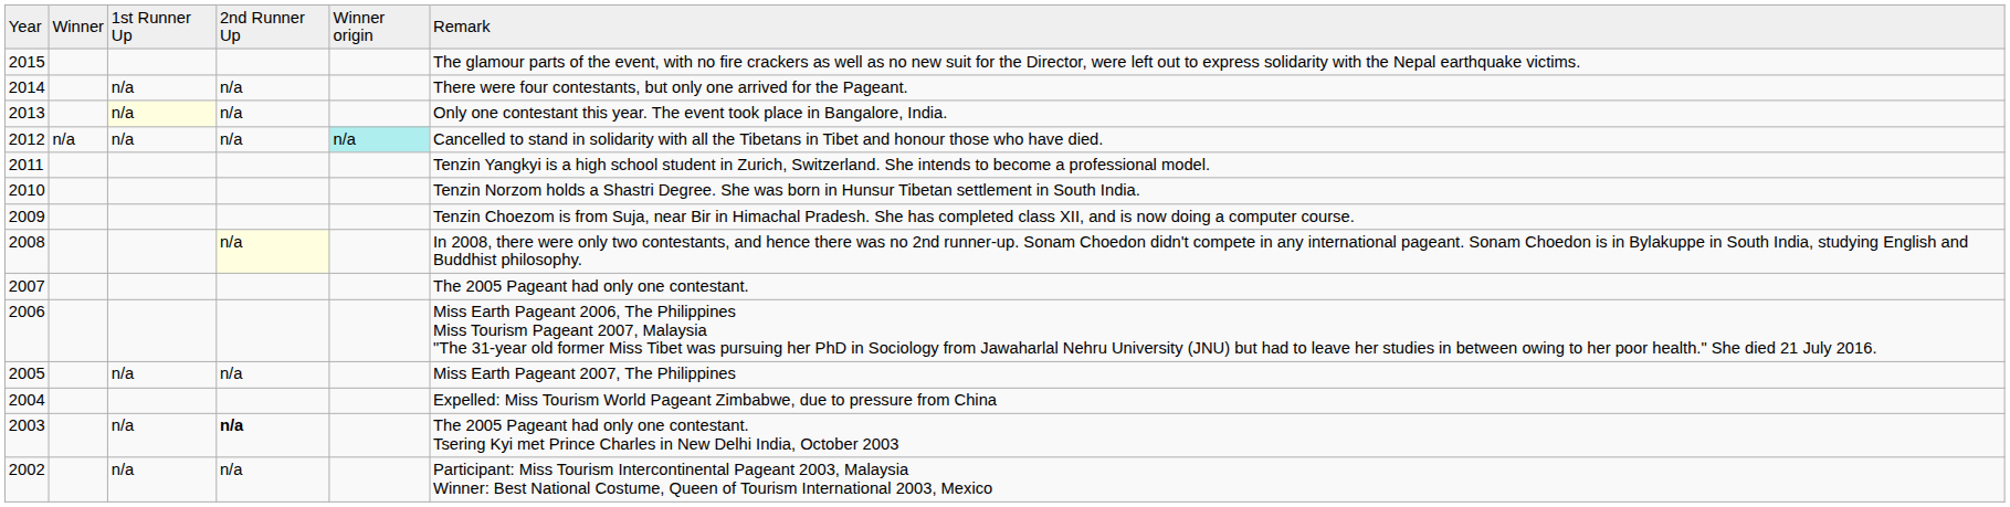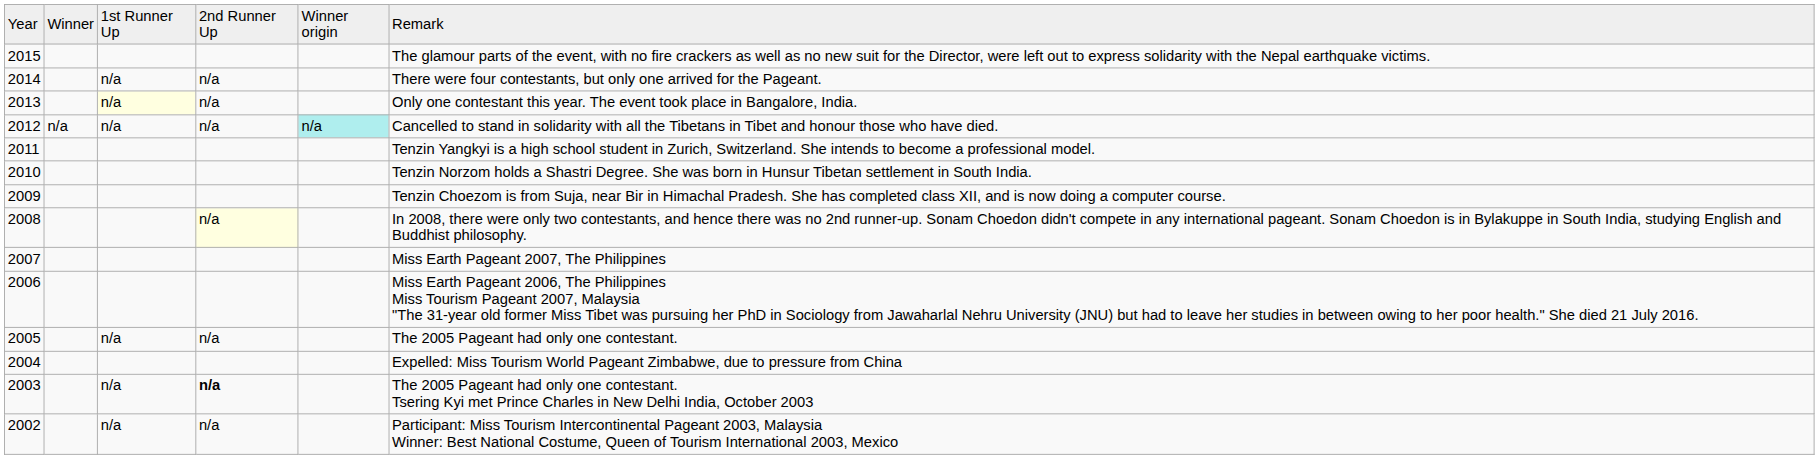 <table class="sortable wikitable">
 <tr bgcolor="#efefef">
 <td>Year</td>
 <td>Winner</td>
 <td>1st Runner Up</td>
 <td>2nd Runner Up</td>
 <td>Winner origin</td>
 <td>Remark</td>
 </tr>
 <tr style="vertical-align: top;">
 <td>2015</td>
 <td></td>
 <td></td>
 <td></td>
 <td></td>
 <td>The glamour parts of the event, with no fire crackers as well as no new suit for the Director, were left out to express solidarity with the Nepal earthquake victims. </td>
 </tr>
 <tr style="vertical-align: top;">
 <td>2014</td>
 <td></td>
 <td>n/a</td>
 <td>n/a</td>
 <td></td>
 <td>There were four contestants, but only one arrived for the Pageant. </td>
 </tr>
 <tr style="vertical-align: top;">
 <td>2013</td>
 <td></td>
 <td style="background: lightyellow;">n/a</td>
 <td>n/a</td>
 <td></td>
 <td>Only one contestant this year. The event took place in Bangalore, India. </td>
 </tr>
 <tr style="vertical-align: top;">
 <td>2012</td>
 <td>n/a</td>
 <td>n/a</td>
 <td>n/a</td>
 <td style="background: paleturquoise;">n/a</td>
 <td>Cancelled to stand in solidarity with all the Tibetans in Tibet and honour those who have died. </td>
 </tr>
 <tr style="vertical-align: top;">
 <td>2011</td>
 <td></td>
 <td></td>
 <td></td>
 <td></td>
 <td>Tenzin Yangkyi is a high school student in Zurich, Switzerland. She intends to become a professional model. </td>
 </tr>
 <tr style="vertical-align: top;">
 <td>2010</td>
 <td></td>
 <td></td>
 <td></td>
 <td></td>
 <td>Tenzin Norzom holds a Shastri Degree. She was born in Hunsur Tibetan settlement in South India. </td>
 </tr>
 <tr style="vertical-align: top;">
 <td>2009</td>
 <td></td>
 <td></td>
 <td></td>
 <td></td>
 <td>Tenzin Choezom is from Suja, near Bir in Himachal Pradesh. She has completed class XII, and is now doing a computer course. </td>
 </tr>
 <tr style="vertical-align: top;">
 <td>2008</td>
 <td></td>
 <td></td>
 <td style="background: lightyellow;">n/a</td>
 <td></td>
 <td>In 2008, there were only two contestants, and hence there was no 2nd runner-up. Sonam Choedon didn't compete in any international pageant. Sonam Choedon is in Bylakuppe in South India, studying English and Buddhist philosophy.  </td>
 </tr>
 <tr style="vertical-align: top;">
 <td>2007</td>
 <td></td>
 <td></td>
 <td></td>
 <td></td>
-<td>The 2005 Pageant had only one contestant.  </td>
+<td>Miss Earth Pageant 2007, The Philippines   </td>
 </tr>
 <tr style="vertical-align: top;">
 <td>2006</td>
 <td></td>
 <td></td>
 <td></td>
 <td></td>
 <td>Miss Earth Pageant 2006, The Philippines <br>Miss Tourism Pageant 2007, Malaysia   <br>"The 31-year old former Miss Tibet was pursuing her PhD in Sociology from Jawaharlal Nehru University (JNU) but had to leave her studies in between owing to her poor health." She died 21 July 2016.</td>
 </tr>
 <tr style="vertical-align: top;">
 <td>2005</td>
 <td></td>
 <td>n/a</td>
 <td>n/a</td>
 <td></td>
-<td>Miss Earth Pageant 2007, The Philippines   </td>
+<td>The 2005 Pageant had only one contestant.  </td>
 </tr>
 <tr style="vertical-align: top;">
 <td>2004</td>
 <td></td>
 <td></td>
 <td></td>
 <td></td>
 <td>Expelled: Miss Tourism World Pageant Zimbabwe, due to pressure from China   </td>
 </tr>
 <tr style="vertical-align: top;">
 <td>2003</td>
 <td></td>
 <td>n/a</td>
 <td><strong>n/a</strong></td>
 <td></td>
 <td>The 2005 Pageant had only one contestant.<br>Tsering Kyi met Prince Charles in New Delhi India, October 2003   </td>
 </tr>
 <tr style="vertical-align: top;">
 <td>2002</td>
 <td></td>
 <td>n/a</td>
 <td>n/a</td>
 <td></td>
 <td>Participant: Miss Tourism Intercontinental Pageant 2003, Malaysia <br>Winner: Best National Costume,  Queen of Tourism International 2003, Mexico   </td>
 </tr>
 </table>
